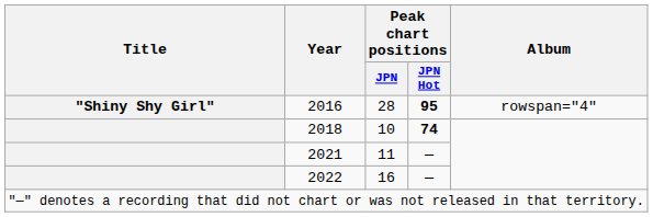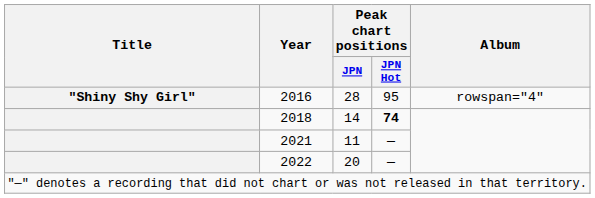 <table class="wikitable plainrowheaders" style="text-align:center;">
 <tr>
 <th scope="col" rowspan="2">Title</th>
 <th scope="col" rowspan="2">Year</th>
 <th scope="col" colspan="2">Peak chart positions</th>
 <th scope="col" rowspan="2">Album</th>
 </tr>
 <tr>
 <th scope="col" style="width:2.75em;font-size:85%;"><a href='#'>JPN</a><br></th>
 <th scope="col" style="width:2.75em;font-size:85%;"><a href='#'>JPN<br>Hot</a><br></th>
 </tr>
 <tr>
 <th scope="row">"Shiny Shy Girl"</th>
 <td>2016</td>
 <td>28</td>
-<td><strong>95</strong></td>
+<td>95</td>
 <td>rowspan="4" </td>
 </tr>
 <tr>
 <th scope="row"></th>
 <td>2018</td>
-<td>10</td>
+<td>14</td>
 <td><strong>74</strong></td>
 </tr>
 <tr>
 <th scope="row"></th>
 <td>2021</td>
 <td>11</td>
 <td>—</td>
 </tr>
 <tr>
 <th scope="row"></th>
 <td>2022</td>
-<td>16</td>
+<td>20</td>
 <td>—</td>
 </tr>
 <tr>
 <td align="center" colspan="6" style="font-size:90%">"—" denotes a recording that did not chart or was not released in that territory.</td>
 </tr>
 </table>
